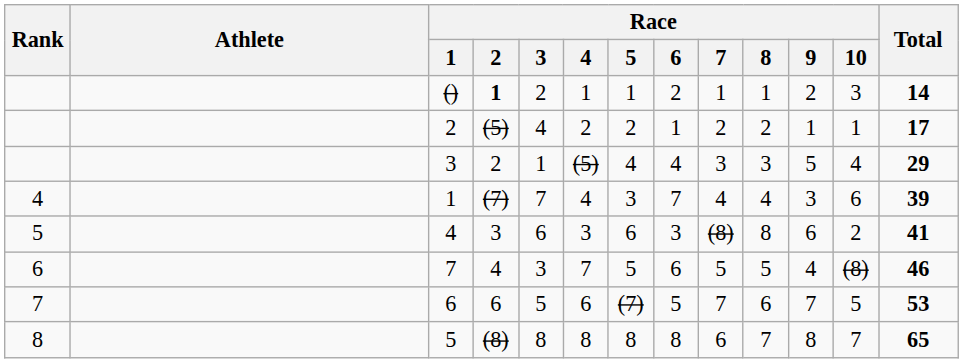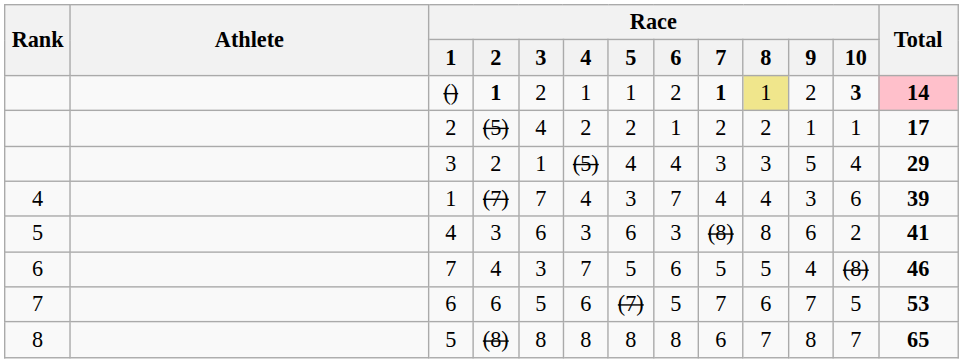 <table class="wikitable" style="text-align:center">
 <tr>
 <th rowspan="2" width=40>Rank</th>
 <th rowspan="2" width=250>Athlete</th>
 <th colspan="10">Race</th>
 <th rowspan="2" width=50>Total</th>
 </tr>
 <tr>
 <th width=25>1</th>
 <th width=25>2</th>
 <th width=25>3</th>
 <th width=25>4</th>
 <th width=25>5</th>
 <th width=25>6</th>
 <th width=25>7</th>
 <th width=25>8</th>
 <th width=25>9</th>
 <th width=25>10</th>
 </tr>
 <tr>
 <td></td>
 <td align=left></td>
 <td><s>()</s></td>
 <td><strong>1</strong></td>
 <td>2</td>
 <td>1</td>
 <td>1</td>
 <td>2</td>
-<td>1</td>
-<td>1</td>
+<td><strong>1</strong></td>
+<td style="background: khaki;">1</td>
 <td>2</td>
-<td>3</td>
-<td><strong>14</strong></td>
+<td><strong>3</strong></td>
+<td style="background: pink;"><strong>14</strong></td>
 </tr>
 <tr>
 <td></td>
 <td align=left></td>
 <td>2</td>
 <td><s>(5)</s></td>
 <td>4</td>
 <td>2</td>
 <td>2</td>
 <td>1</td>
 <td>2</td>
 <td>2</td>
 <td>1</td>
 <td>1</td>
 <td><strong>17</strong></td>
 </tr>
 <tr>
 <td></td>
 <td align=left></td>
 <td>3</td>
 <td>2</td>
 <td>1</td>
 <td><s>(5)</s></td>
 <td>4</td>
 <td>4</td>
 <td>3</td>
 <td>3</td>
 <td>5</td>
 <td>4</td>
 <td><strong>29</strong></td>
 </tr>
 <tr>
 <td>4</td>
 <td align=left></td>
 <td>1</td>
 <td><s>(7)</s></td>
 <td>7</td>
 <td>4</td>
 <td>3</td>
 <td>7</td>
 <td>4</td>
 <td>4</td>
 <td>3</td>
 <td>6</td>
 <td><strong>39</strong></td>
 </tr>
 <tr>
 <td>5</td>
 <td align=left></td>
 <td>4</td>
 <td>3</td>
 <td>6</td>
 <td>3</td>
 <td>6</td>
 <td>3</td>
 <td><s>(8)</s></td>
 <td>8</td>
 <td>6</td>
 <td>2</td>
 <td><strong>41</strong></td>
 </tr>
 <tr>
 <td>6</td>
 <td align=left></td>
 <td>7</td>
 <td>4</td>
 <td>3</td>
 <td>7</td>
 <td>5</td>
 <td>6</td>
 <td>5</td>
 <td>5</td>
 <td>4</td>
 <td><s>(8)</s></td>
 <td><strong>46</strong></td>
 </tr>
 <tr>
 <td>7</td>
 <td align=left></td>
 <td>6</td>
 <td>6</td>
 <td>5</td>
 <td>6</td>
 <td><s>(7)</s></td>
 <td>5</td>
 <td>7</td>
 <td>6</td>
 <td>7</td>
 <td>5</td>
 <td><strong>53</strong></td>
 </tr>
 <tr>
 <td>8</td>
 <td align=left></td>
 <td>5</td>
 <td><s>(8)</s></td>
 <td>8</td>
 <td>8</td>
 <td>8</td>
 <td>8</td>
 <td>6</td>
 <td>7</td>
 <td>8</td>
 <td>7</td>
 <td><strong>65</strong></td>
 </tr>
 </table>
